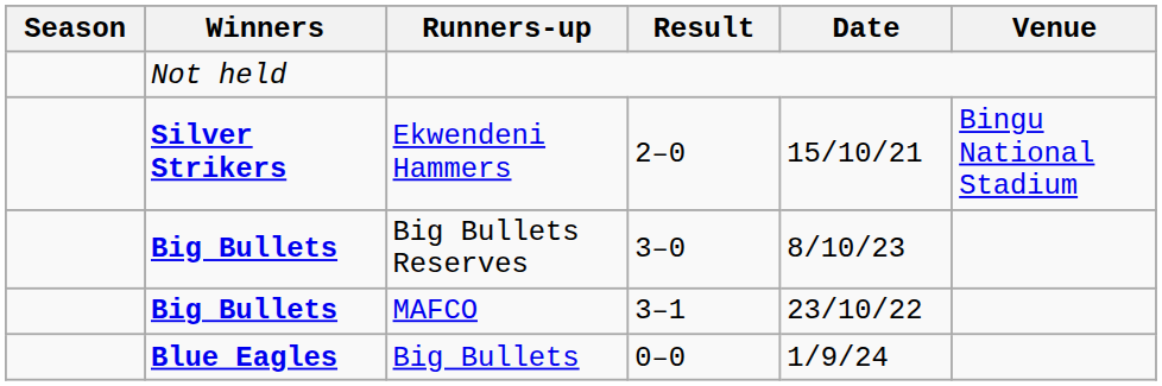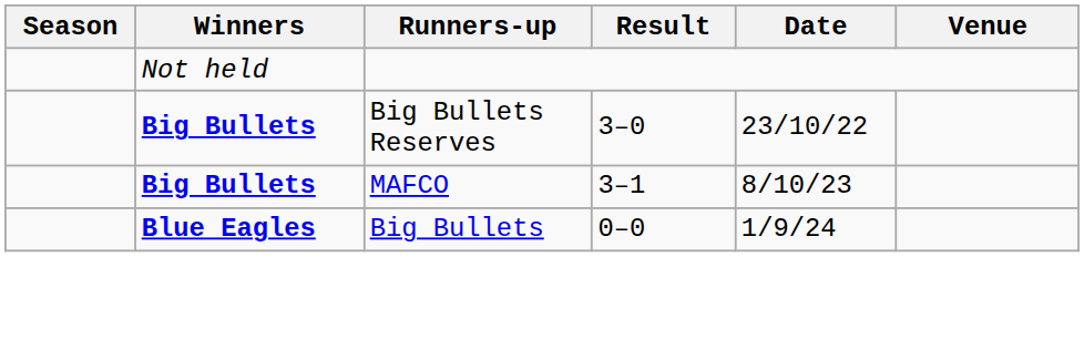 <table class=wikitable style="width:85%">
 <tr>
 <th style="width:5%;">Season</th>
 <th style="width:15%;">Winners</th>
 <th style="width:15%;">Runners-up</th>
 <th style="width:8%;">Result</th>
 <th style="width:5%">Date</th>
 <th style="width:12%;">Venue</th>
 </tr>
 <tr>
 <td></td>
 <td><em>Not held</em></td>
 </tr>
 <tr>
 <td></td>
-<td><strong><a href='#'>Silver Strikers</a></strong></td>
-<td><a href='#'>Ekwendeni Hammers</a></td>
-<td>2–0 </td>
-<td>15/10/21</td>
-<td><a href='#'>Bingu National Stadium</a></td>
-</tr>
-<tr>
-<td></td>
 <td><strong><a href='#'>Big Bullets</a></strong></td>
 <td>Big Bullets Reserves</td>
 <td>3–0</td>
-<td>8/10/23</td>
+<td>23/10/22</td>
 <td></td>
 </tr>
 <tr>
 <td></td>
 <td><strong><a href='#'>Big Bullets</a></strong></td>
 <td><a href='#'>MAFCO</a></td>
 <td>3–1</td>
-<td>23/10/22</td>
+<td>8/10/23</td>
 <td></td>
 </tr>
 <tr>
 <td></td>
 <td><strong><a href='#'>Blue Eagles</a></strong></td>
 <td><a href='#'>Big Bullets</a></td>
 <td>0–0 </td>
 <td>1/9/24</td>
 <td></td>
 </tr>
 </table>
